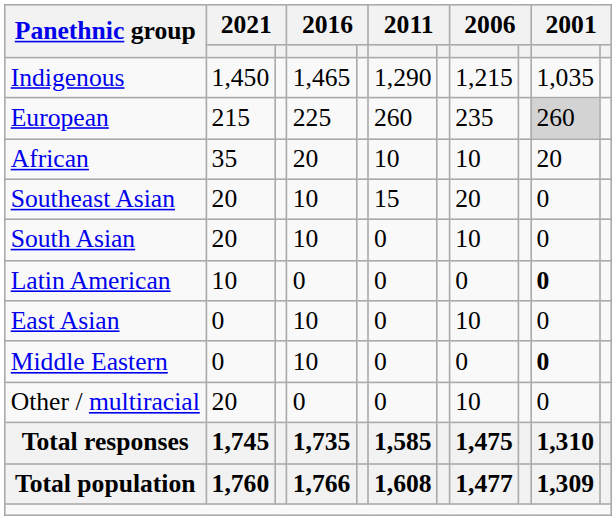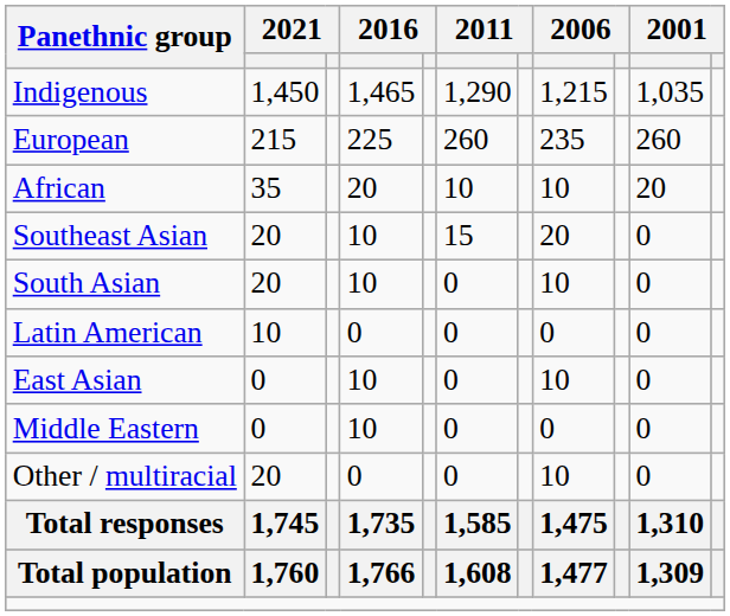 <table class="wikitable collapsible sortable">
 <tr>
 <th rowspan="2"><a href='#'>Panethnic</a> group</th>
 <th colspan="2">2021</th>
 <th colspan="2">2016</th>
 <th colspan="2">2011</th>
 <th colspan="2">2006</th>
 <th colspan="2">2001</th>
 </tr>
 <tr>
 <th><a href='#'></a></th>
 <th></th>
 <th></th>
 <th></th>
 <th></th>
 <th></th>
 <th></th>
 <th></th>
 <th></th>
 <th></th>
 </tr>
 <tr>
 <td><a href='#'>Indigenous</a></td>
 <td>1,450</td>
 <td></td>
 <td>1,465</td>
 <td></td>
 <td>1,290</td>
 <td></td>
 <td>1,215</td>
 <td></td>
 <td>1,035</td>
 <td></td>
 </tr>
 <tr>
 <td><a href='#'>European</a></td>
 <td>215</td>
 <td></td>
 <td>225</td>
 <td></td>
 <td>260</td>
 <td></td>
 <td>235</td>
 <td></td>
-<td style="background: lightgrey;">260</td>
+<td>260</td>
 <td></td>
 </tr>
 <tr>
 <td><a href='#'>African</a></td>
 <td>35</td>
 <td></td>
 <td>20</td>
 <td></td>
 <td>10</td>
 <td></td>
 <td>10</td>
 <td></td>
 <td>20</td>
 <td></td>
 </tr>
 <tr>
 <td><a href='#'>Southeast Asian</a></td>
 <td>20</td>
 <td></td>
 <td>10</td>
 <td></td>
 <td>15</td>
 <td></td>
 <td>20</td>
 <td></td>
 <td>0</td>
 <td></td>
 </tr>
 <tr>
 <td><a href='#'>South Asian</a></td>
 <td>20</td>
 <td></td>
 <td>10</td>
 <td></td>
 <td>0</td>
 <td></td>
 <td>10</td>
 <td></td>
 <td>0</td>
 <td></td>
 </tr>
 <tr>
 <td><a href='#'>Latin American</a></td>
 <td>10</td>
 <td></td>
 <td>0</td>
 <td></td>
 <td>0</td>
 <td></td>
 <td>0</td>
 <td></td>
-<td><strong>0</strong></td>
+<td>0</td>
 <td></td>
 </tr>
 <tr>
 <td><a href='#'>East Asian</a></td>
 <td>0</td>
 <td></td>
 <td>10</td>
 <td></td>
 <td>0</td>
 <td></td>
 <td>10</td>
 <td></td>
 <td>0</td>
 <td></td>
 </tr>
 <tr>
 <td><a href='#'>Middle Eastern</a></td>
 <td>0</td>
 <td></td>
 <td>10</td>
 <td></td>
 <td>0</td>
 <td></td>
 <td>0</td>
 <td></td>
-<td><strong>0</strong></td>
+<td>0</td>
 <td></td>
 </tr>
 <tr>
 <td>Other / <a href='#'>multiracial</a></td>
 <td>20</td>
 <td></td>
 <td>0</td>
 <td></td>
 <td>0</td>
 <td></td>
 <td>10</td>
 <td></td>
 <td>0</td>
 <td></td>
 </tr>
 <tr>
 <th>Total responses</th>
 <th>1,745</th>
 <th></th>
 <th>1,735</th>
 <th></th>
 <th>1,585</th>
 <th></th>
 <th>1,475</th>
 <th></th>
 <th>1,310</th>
 <th></th>
 </tr>
 <tr class="sortbottom">
 <th>Total population</th>
 <th>1,760</th>
 <th></th>
 <th>1,766</th>
 <th></th>
 <th>1,608</th>
 <th></th>
 <th>1,477</th>
 <th></th>
 <th>1,309</th>
 <th></th>
 </tr>
 <tr class="sortbottom">
 <td colspan="11"></td>
 </tr>
 </table>
